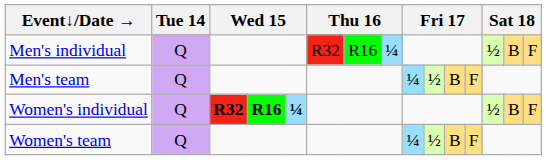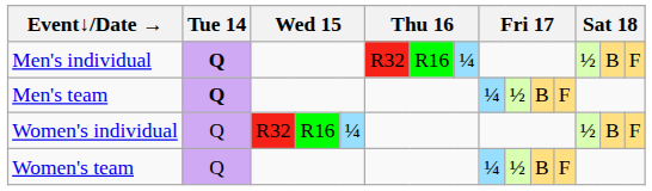 <table class="wikitable" style="margin:0.5em auto; font-size:90%; line-height:1.25em;">
 <tr style="text-align:center;">
 <th>Event↓/Date →</th>
 <th>Tue 14</th>
 <th colspan="3">Wed 15</th>
 <th colspan="3">Thu 16</th>
 <th colspan="4">Fri 17</th>
 <th colspan="3">Sat 18</th>
 </tr>
 <tr style="text-align:center;">
 <td style="text-align:left;"><a href='#'>Men's individual</a></td>
-<td style="background-color:#D0A9F5;">Q</td>
+<td style="background-color:#D0A9F5;"><strong>Q</strong></td>
 <td colspan="3"></td>
 <td style="background-color:#F62217;">R32</td>
 <td style="background-color:#00FF00;">R16</td>
 <td style="background-color:#97DEFF;">¼</td>
 <td colspan="4"></td>
 <td style="background-color:#D9FFB2;">½</td>
 <td style="background-color:#FFDF80;">B</td>
 <td style="background-color:#FFDF80;">F</td>
 </tr>
 <tr style="text-align:center;">
 <td style="text-align:left;"><a href='#'>Men's team</a></td>
-<td style="background-color:#D0A9F5;">Q</td>
+<td style="background-color:#D0A9F5;"><strong>Q</strong></td>
 <td colspan="3"></td>
 <td colspan="3"></td>
 <td style="background-color:#97DEFF;">¼</td>
 <td style="background-color:#D9FFB2;">½</td>
 <td style="background-color:#FFDF80;">B</td>
 <td style="background-color:#FFDF80;">F</td>
 <td colspan="3"></td>
 </tr>
 <tr style="text-align:center;">
 <td style="text-align:left;"><a href='#'>Women's individual</a></td>
 <td style="background-color:#D0A9F5;">Q</td>
-<td style="background-color:#F62217;"><strong>R32</strong></td>
-<td style="background-color:#00FF00;"><strong>R16</strong></td>
-<td style="background-color:#97DEFF;"><strong>¼</strong></td>
+<td style="background-color:#F62217;">R32</td>
+<td style="background-color:#00FF00;">R16</td>
+<td style="background-color:#97DEFF;">¼</td>
 <td colspan="3"></td>
 <td colspan="4"></td>
 <td style="background-color:#D9FFB2;">½</td>
 <td style="background-color:#FFDF80;">B</td>
 <td style="background-color:#FFDF80;">F</td>
 </tr>
 <tr style="text-align:center;">
 <td style="text-align:left;"><a href='#'>Women's team</a></td>
 <td style="background-color:#D0A9F5;">Q</td>
 <td colspan="3"></td>
 <td colspan="3"></td>
 <td style="background-color:#97DEFF;">¼</td>
 <td style="background-color:#D9FFB2;">½</td>
 <td style="background-color:#FFDF80;">B</td>
 <td style="background-color:#FFDF80;">F</td>
 <td colspan="3"></td>
 </tr>
 </table>
